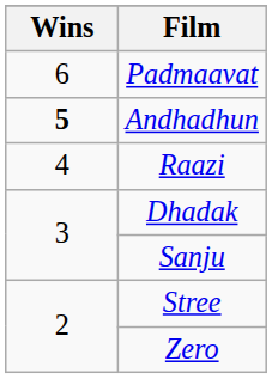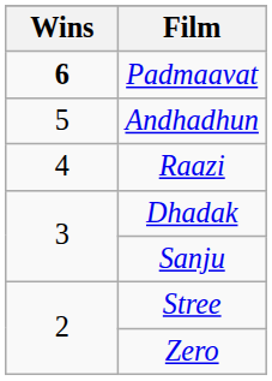 <table class="wikitable plainrowheaders" rowspan=2 style="text-align: center;">
 <tr>
 </tr>
 <tr>
 <th scope="col" style="width:55px;">Wins</th>
 <th scope="col" style="text-align:center;">Film</th>
 </tr>
 <tr>
-<td scope=row style="text-align:center">6</td>
+<td scope=row style="text-align:center"><strong>6</strong></td>
 <td><em><a href='#'>Padmaavat</a></em></td>
 </tr>
 <tr>
-<td scope=row style="text-align:center"><strong>5</strong></td>
+<td scope=row style="text-align:center">5</td>
 <td><em><a href='#'>Andhadhun</a></em></td>
 </tr>
 <tr>
 <td scope=row style="text-align:center">4</td>
 <td><em><a href='#'>Raazi</a></em></td>
 </tr>
 <tr>
 <td scope=row rowspan=2 style="text-align:center;">3</td>
 <td><em><a href='#'>Dhadak</a></em></td>
 </tr>
 <tr>
 <td><em><a href='#'>Sanju</a></em></td>
 </tr>
 <tr>
 <td scope=row rowspan=2 style="text-align:center;">2</td>
 <td><em><a href='#'>Stree</a></em></td>
 </tr>
 <tr>
 <td><em><a href='#'>Zero</a></em></td>
 </tr>
 </table>
